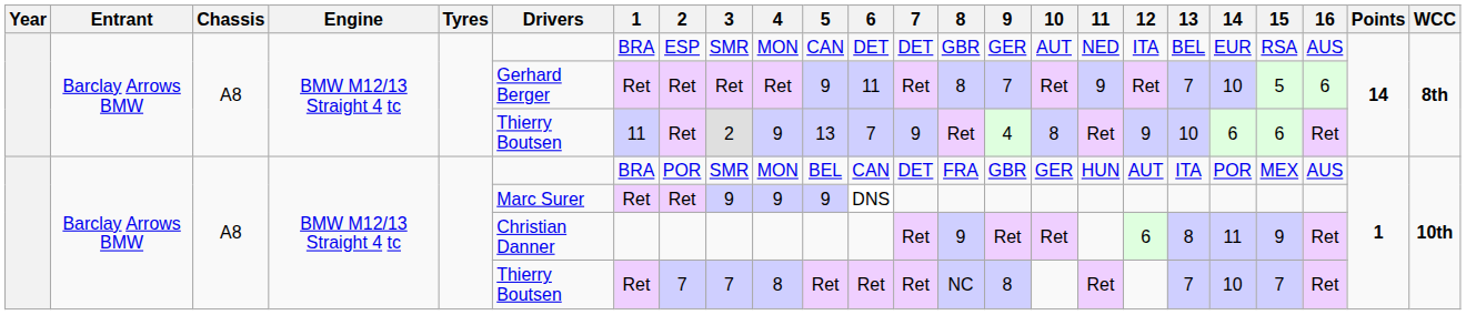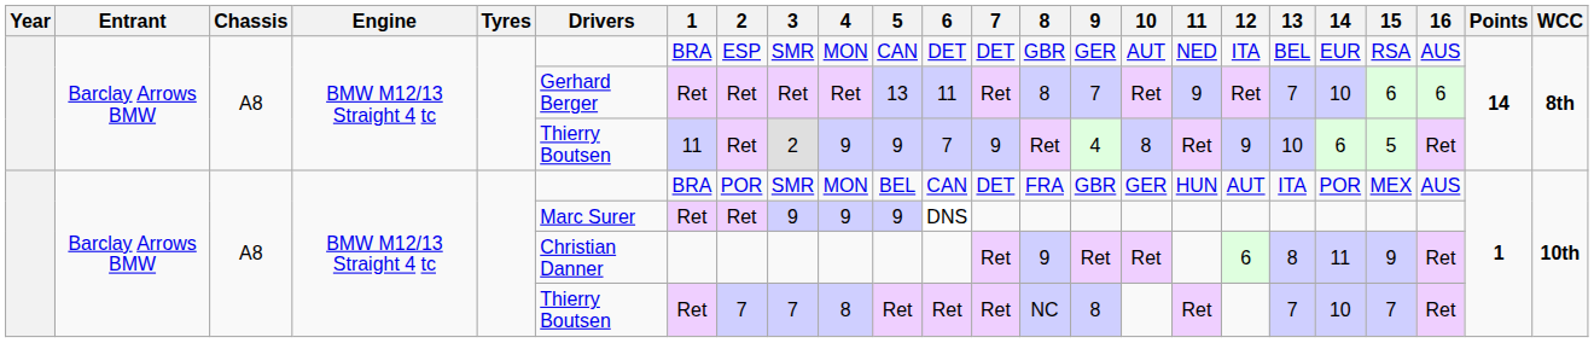 <table class="wikitable" style="text-align:center; font-size:95%">
 <tr>
 <th>Year</th>
 <th>Entrant</th>
 <th>Chassis</th>
 <th>Engine</th>
 <th>Tyres</th>
 <th>Drivers</th>
 <th>1</th>
 <th>2</th>
 <th>3</th>
 <th>4</th>
 <th>5</th>
 <th>6</th>
 <th>7</th>
 <th>8</th>
 <th>9</th>
 <th>10</th>
 <th>11</th>
 <th>12</th>
 <th>13</th>
 <th>14</th>
 <th>15</th>
 <th>16</th>
 <th>Points</th>
 <th>WCC</th>
 </tr>
 <tr>
 <th rowspan=3></th>
 <td rowspan=3><a href='#'>Barclay</a> <a href='#'>Arrows</a> <a href='#'>BMW</a></td>
 <td rowspan=3>A8</td>
 <td rowspan=3><a href='#'>BMW M12/13</a> <a href='#'>Straight 4</a> <a href='#'>tc</a></td>
 <td rowspan=3></td>
 <td></td>
 <td><a href='#'>BRA</a></td>
 <td><a href='#'>ESP</a></td>
 <td><a href='#'>SMR</a></td>
 <td><a href='#'>MON</a></td>
 <td><a href='#'>CAN</a></td>
 <td><a href='#'>DET</a></td>
 <td><a href='#'>DET</a></td>
 <td><a href='#'>GBR</a></td>
 <td><a href='#'>GER</a></td>
 <td><a href='#'>AUT</a></td>
 <td><a href='#'>NED</a></td>
 <td><a href='#'>ITA</a></td>
 <td><a href='#'>BEL</a></td>
 <td><a href='#'>EUR</a></td>
 <td><a href='#'>RSA</a></td>
 <td><a href='#'>AUS</a></td>
 <td rowspan=3><strong>14</strong></td>
 <td rowspan=3><strong>8th</strong></td>
 </tr>
 <tr>
 <td align="left"><a href='#'>Gerhard Berger</a></td>
 <td style="background:#efcfff;">Ret</td>
 <td style="background:#efcfff;">Ret</td>
 <td style="background:#efcfff;">Ret</td>
 <td style="background:#efcfff;">Ret</td>
-<td style="background:#cfcfff;">9</td>
+<td style="background:#cfcfff;">13</td>
 <td style="background:#cfcfff;">11</td>
 <td style="background:#efcfff;">Ret</td>
 <td style="background:#cfcfff;">8</td>
 <td style="background:#cfcfff;">7</td>
 <td style="background:#efcfff;">Ret</td>
 <td style="background:#cfcfff;">9</td>
 <td style="background:#efcfff;">Ret</td>
 <td style="background:#cfcfff;">7</td>
 <td style="background:#cfcfff;">10</td>
-<td style="background:#DFFFDF;">5</td>
+<td style="background:#DFFFDF;">6</td>
 <td style="background:#DFFFDF;">6</td>
 </tr>
 <tr>
 <td align="left"><a href='#'>Thierry Boutsen</a></td>
 <td style="background:#cfcfff;">11</td>
 <td style="background:#efcfff;">Ret</td>
 <td style="background:#dfdfdf;">2</td>
 <td style="background:#cfcfff;">9</td>
-<td style="background:#cfcfff;">13</td>
+<td style="background:#cfcfff;">9</td>
 <td style="background:#cfcfff;">7</td>
 <td style="background:#cfcfff;">9</td>
 <td style="background:#efcfff;">Ret</td>
 <td style="background:#DFFFDF;">4</td>
 <td style="background:#cfcfff;">8</td>
 <td style="background:#efcfff;">Ret</td>
 <td style="background:#cfcfff;">9</td>
 <td style="background:#cfcfff;">10</td>
 <td style="background:#DFFFDF;">6</td>
-<td style="background:#DFFFDF;">6</td>
+<td style="background:#DFFFDF;">5</td>
 <td style="background:#efcfff;">Ret</td>
 </tr>
 <tr>
 <th rowspan=4></th>
 <td rowspan=4><a href='#'>Barclay</a> <a href='#'>Arrows</a> <a href='#'>BMW</a></td>
 <td rowspan=4>A8</td>
 <td rowspan=4><a href='#'>BMW M12/13</a> <a href='#'>Straight 4</a> <a href='#'>tc</a></td>
 <td rowspan=4></td>
 <td></td>
 <td><a href='#'>BRA</a></td>
 <td><a href='#'>POR</a></td>
 <td><a href='#'>SMR</a></td>
 <td><a href='#'>MON</a></td>
 <td><a href='#'>BEL</a></td>
 <td><a href='#'>CAN</a></td>
 <td><a href='#'>DET</a></td>
 <td><a href='#'>FRA</a></td>
 <td><a href='#'>GBR</a></td>
 <td><a href='#'>GER</a></td>
 <td><a href='#'>HUN</a></td>
 <td><a href='#'>AUT</a></td>
 <td><a href='#'>ITA</a></td>
 <td><a href='#'>POR</a></td>
 <td><a href='#'>MEX</a></td>
 <td><a href='#'>AUS</a></td>
 <td rowspan=4><strong>1</strong></td>
 <td rowspan=4><strong>10th</strong></td>
 </tr>
 <tr>
 <td align="left"><a href='#'>Marc Surer</a></td>
 <td style="background:#efcfff;">Ret</td>
 <td style="background:#efcfff;">Ret</td>
 <td style="background:#cfcfff;">9</td>
 <td style="background:#cfcfff;">9</td>
 <td style="background:#cfcfff;">9</td>
 <td style="background:#ffffff;">DNS</td>
 <td></td>
 <td></td>
 <td></td>
 <td></td>
 <td></td>
 <td></td>
 <td></td>
 <td></td>
 <td></td>
 <td></td>
 </tr>
 <tr>
 <td align="left"><a href='#'>Christian Danner</a></td>
 <td></td>
 <td></td>
 <td></td>
 <td></td>
 <td></td>
 <td></td>
 <td style="background:#efcfff;">Ret</td>
 <td style="background:#CFCFFF;">9</td>
 <td style="background:#efcfff;">Ret</td>
 <td style="background:#efcfff;">Ret</td>
 <td></td>
 <td style="background:#DFFFDF;">6</td>
 <td style="background:#CFCFFF;">8</td>
 <td style="background:#CFCFFF;">11</td>
 <td style="background:#CFCFFF;">9</td>
 <td style="background:#efcfff;">Ret</td>
 </tr>
 <tr>
 <td align="left"><a href='#'>Thierry Boutsen</a></td>
 <td style="background:#efcfff;">Ret</td>
 <td style="background:#cfcfff;">7</td>
 <td style="background:#cfcfff;">7</td>
 <td style="background:#cfcfff;">8</td>
 <td style="background:#efcfff;">Ret</td>
 <td style="background:#efcfff;">Ret</td>
 <td style="background:#efcfff;">Ret</td>
 <td style="background:#cfcfff;">NC</td>
 <td style="background:#cfcfff;">8</td>
 <td></td>
 <td style="background:#efcfff;">Ret</td>
 <td></td>
 <td style="background:#CFCFFF;">7</td>
 <td style="background:#CFCFFF;">10</td>
 <td style="background:#CFCFFF;">7</td>
 <td style="background:#efcfff;">Ret</td>
 </tr>
 </table>
